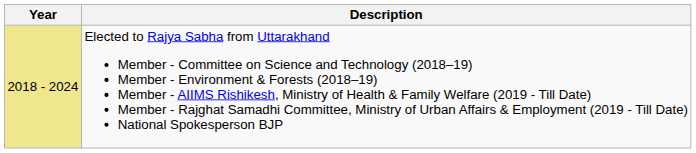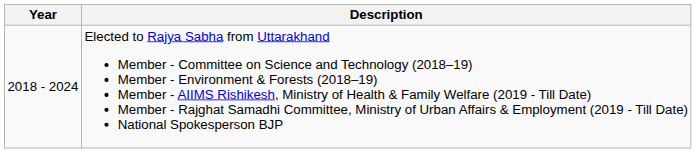 <table class="wikitable">
 <tr>
 <th>Year</th>
 <th>Description</th>
 </tr>
 <tr>
-<td style="background: khaki;">2018 - 2024</td>
+<td>2018 - 2024</td>
 <td>Elected to <a href='#'>Rajya Sabha</a> from <a href='#'>Uttarakhand</a><br><ul><li>Member - Committee on Science and Technology (2018–19)</li><li>Member - Environment & Forests (2018–19)</li><li>Member - <a href='#'>AIIMS Rishikesh</a>, Ministry of Health & Family Welfare (2019 - Till Date)</li><li>Member - Rajghat Samadhi Committee, Ministry of Urban Affairs & Employment (2019 - Till Date)</li><li>National Spokesperson BJP</li></ul></td>
 </tr>
 </table>
